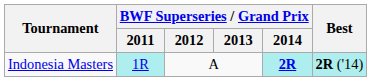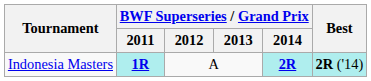 <table class="wikitable" style="font-size: 90%; text-align:center">
 <tr>
 <th rowspan="2">Tournament</th>
 <th colspan="4"><a href='#'>BWF Superseries</a> / <a href='#'>Grand Prix</a></th>
 <th rowspan="2">Best</th>
 </tr>
 <tr>
 <th>2011</th>
 <th>2012</th>
 <th>2013</th>
 <th>2014</th>
 </tr>
 <tr>
 <td align=left><a href='#'>Indonesia Masters</a></td>
-<td bgcolor=AFEEEE><a href='#'>1R</a></td>
+<td bgcolor=AFEEEE><strong><a href='#'>1R</a></strong></td>
 <td colspan="2">A</td>
 <td bgcolor=AFEEEE><strong><a href='#'>2R</a></strong></td>
 <td bgcolor=AFEEEE><strong>2R</strong> ('14)</td>
 </tr>
 </table>
